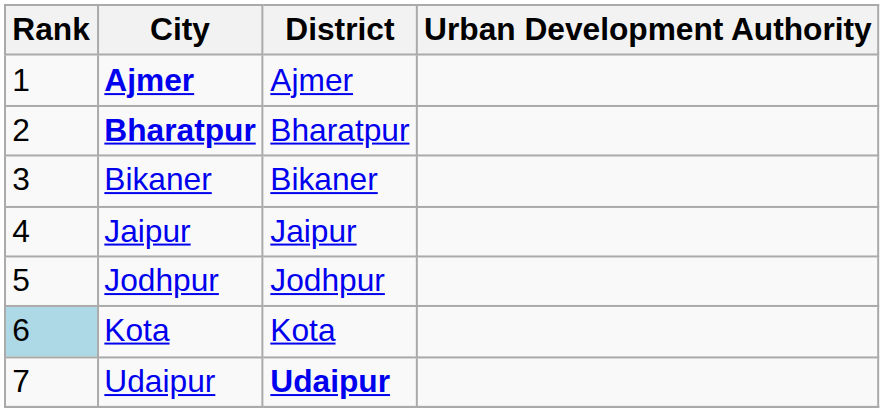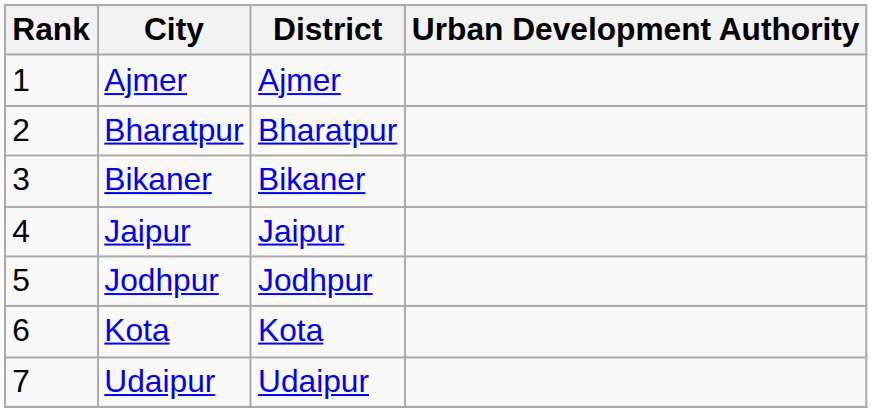 <table class="wikitable sortable">
 <tr>
 <th>Rank</th>
 <th>City</th>
 <th>District</th>
 <th>Urban Development Authority</th>
 </tr>
 <tr>
 <td>1</td>
-<td><strong><a href='#'>Ajmer</a></strong></td>
+<td><a href='#'>Ajmer</a></td>
 <td><a href='#'>Ajmer</a></td>
 <td></td>
 </tr>
 <tr>
 <td>2</td>
-<td><strong><a href='#'>Bharatpur</a></strong></td>
+<td><a href='#'>Bharatpur</a></td>
 <td><a href='#'>Bharatpur</a></td>
 <td></td>
 </tr>
 <tr>
 <td>3</td>
 <td><a href='#'>Bikaner</a></td>
 <td><a href='#'>Bikaner</a></td>
 <td></td>
 </tr>
 <tr>
 <td>4</td>
 <td><a href='#'>Jaipur</a></td>
 <td><a href='#'>Jaipur</a></td>
 <td></td>
 </tr>
 <tr>
 <td>5</td>
 <td><a href='#'>Jodhpur</a></td>
 <td><a href='#'>Jodhpur</a></td>
 <td></td>
 </tr>
 <tr>
-<td style="background: lightblue;">6</td>
+<td>6</td>
 <td><a href='#'>Kota</a></td>
 <td><a href='#'>Kota</a></td>
 <td></td>
 </tr>
 <tr>
 <td>7</td>
 <td><a href='#'>Udaipur</a></td>
-<td><strong><a href='#'>Udaipur</a></strong></td>
+<td><a href='#'>Udaipur</a></td>
 <td></td>
 </tr>
 <tr>
 </tr>
 </table>
